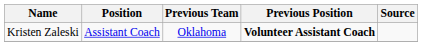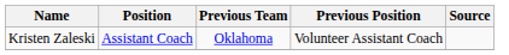 <table class="wikitable">
 <tr>
 <th style="text-align:center; ">Name</th>
 <th style="text-align:center; ">Position</th>
 <th style="text-align:center; ">Previous Team</th>
 <th style="text-align:center; ">Previous Position</th>
 <th style="text-align:center; ">Source</th>
 </tr>
 <tr align="center">
 <td>Kristen Zaleski</td>
 <td><a href='#'>Assistant Coach</a></td>
 <td><a href='#'>Oklahoma</a></td>
-<td><strong>Volunteer Assistant Coach</strong></td>
+<td>Volunteer Assistant Coach</td>
 <td></td>
 </tr>
 <tr>
 </tr>
 </table>
